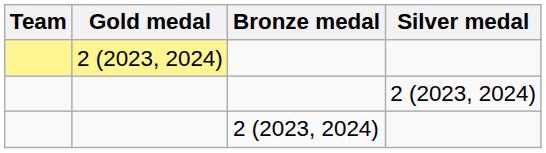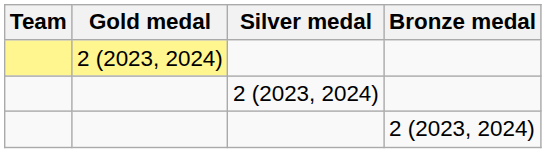 <table class="wikitable sortable">
 <tr>
 <th>Team</th>
 <th>Gold medal</th>
+<th>Silver medal</th>
 <th>Bronze medal</th>
-<th>Silver medal</th>
 </tr>
 <tr>
 <td bgcolor=#FFF68F></td>
 <td bgcolor=#FFF68F>2 (2023, 2024)</td>
 <td></td>
 <td></td>
 </tr>
 <tr>
 <td></td>
 <td></td>
+<td>2 (2023, 2024)</td>
 <td></td>
-<td>2 (2023, 2024)</td>
 </tr>
 <tr>
 <td></td>
 <td></td>
+<td></td>
 <td>2 (2023, 2024)</td>
-<td></td>
 </tr>
 </table>
